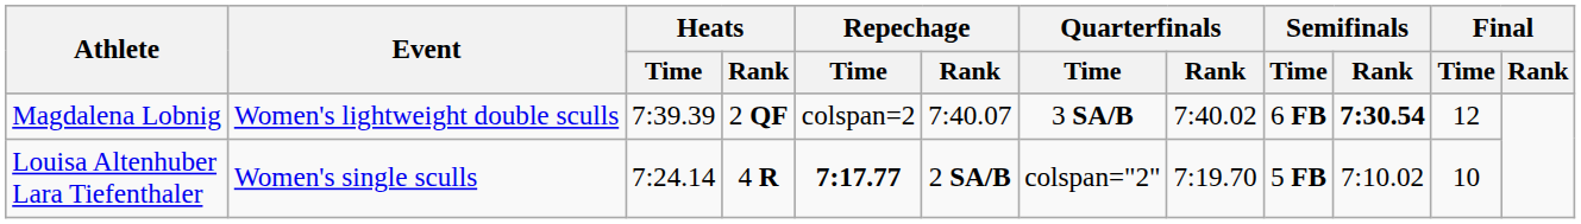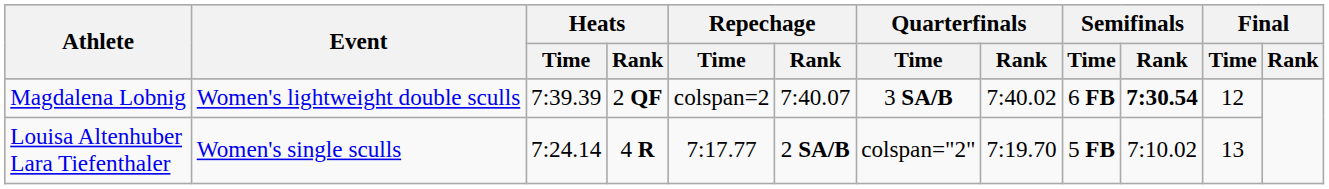 <table class=wikitable style=font-size:90%;text-align:center>
 <tr>
 <th rowspan=2>Athlete</th>
 <th rowspan=2>Event</th>
 <th colspan=2>Heats</th>
 <th colspan=2>Repechage</th>
 <th colspan="2">Quarterfinals</th>
 <th colspan="2">Semifinals</th>
 <th colspan=2>Final</th>
 </tr>
 <tr style=font-size:95%>
 <th>Time</th>
 <th>Rank</th>
 <th>Time</th>
 <th>Rank</th>
 <th>Time</th>
 <th>Rank</th>
 <th>Time</th>
 <th>Rank</th>
 <th>Time</th>
 <th>Rank</th>
 </tr>
 <tr>
 <td align=left><a href='#'>Magdalena Lobnig</a></td>
 <td align=left><a href='#'>Women's lightweight double sculls</a></td>
 <td>7:39.39</td>
 <td>2 <strong>QF</strong></td>
 <td>colspan=2 </td>
 <td>7:40.07</td>
 <td>3 <strong>SA/B</strong></td>
 <td>7:40.02</td>
 <td>6 <strong>FB</strong></td>
 <td><strong>7:30.54</strong></td>
 <td>12</td>
 </tr>
 <tr>
 <td align=left><a href='#'>Louisa Altenhuber</a><br><a href='#'>Lara Tiefenthaler</a></td>
 <td align=left><a href='#'>Women's single sculls</a></td>
 <td>7:24.14</td>
 <td>4 <strong>R</strong></td>
-<td><strong>7:17.77</strong></td>
+<td>7:17.77</td>
 <td>2 <strong>SA/B</strong></td>
 <td>colspan="2" </td>
 <td>7:19.70</td>
 <td>5 <strong>FB</strong></td>
 <td>7:10.02</td>
-<td>10</td>
+<td>13</td>
 </tr>
 </table>
